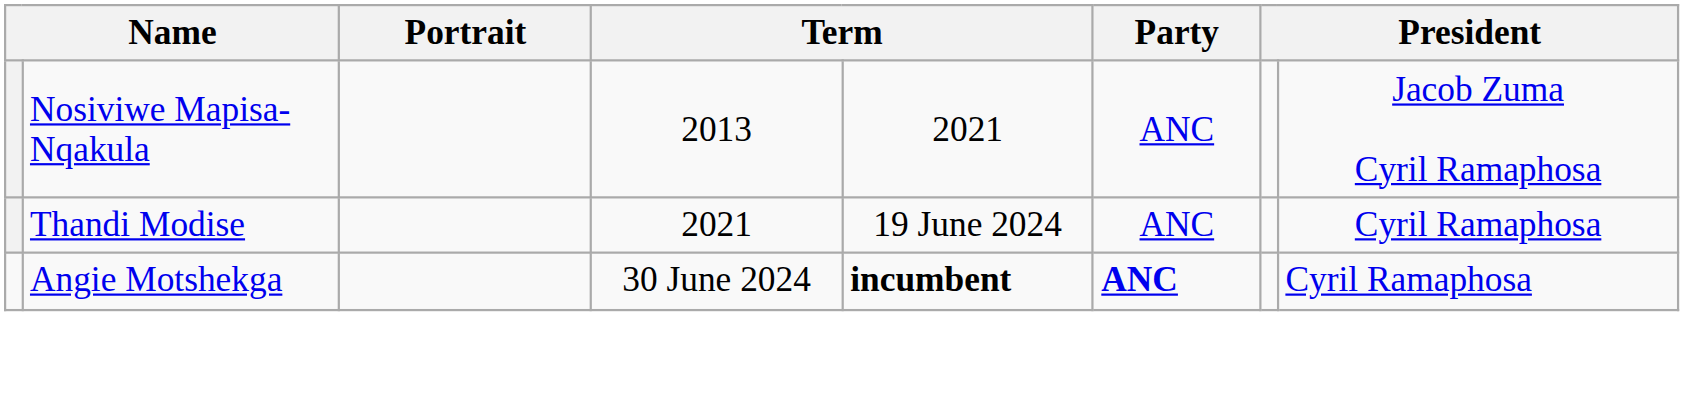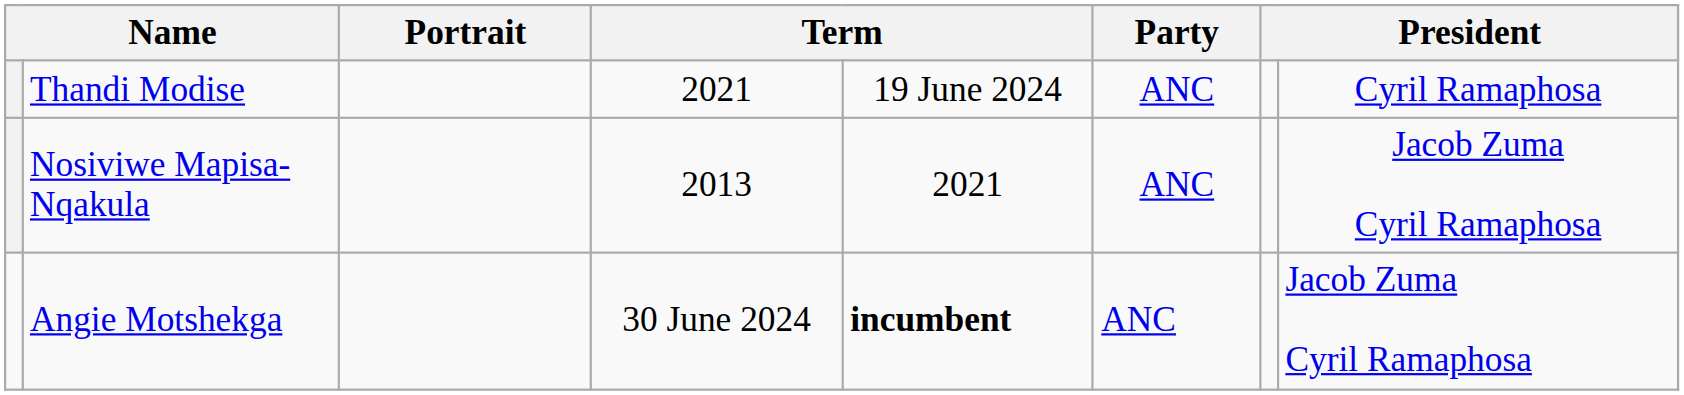 <table class="wikitable sortable" width="60%">
 <tr>
 <th colspan=2 width=20%>Name</th>
 <th width=75>Portrait</th>
 <th colspan=2 width=30%>Term</th>
 <th width=10%>Party</th>
 <th colspan=2 width=25%>President</th>
+</tr>
+<tr style="text-align:center">
+<th style="width:1%;background-color: "></th>
+<td align=left><a href='#'>Thandi Modise</a></td>
+<td align=center></td>
+<td>2021</td>
+<td>19 June  2024</td>
+<td><a href='#'>ANC</a></td>
+<td style="width:1%;background-color: "></td>
+<td><a href='#'>Cyril Ramaphosa</a><br> </td>
 </tr>
 <tr style="text-align:center">
 <th style="width:1%;background-color: "></th>
 <td align=left><a href='#'>Nosiviwe Mapisa-Nqakula</a></td>
 <td align=center></td>
 <td>2013</td>
 <td>2021</td>
 <td><a href='#'>ANC</a></td>
 <td style="width:1%;background-color: "></td>
 <td><a href='#'>Jacob Zuma</a><br> <br><a href='#'>Cyril Ramaphosa</a><br> </td>
 </tr>
-<tr style="text-align:center">
-<th style="width:1%;background-color: "></th>
-<td align=left><a href='#'>Thandi Modise</a></td>
-<td align=center></td>
-<td>2021</td>
-<td>19 June  2024</td>
-<td><a href='#'>ANC</a></td>
-<td style="width:1%;background-color: "></td>
-<td><a href='#'>Cyril Ramaphosa</a><br> </td>
-</tr>
 <tr>
 <td style="width:1%;background-color: "></td>
 <td><a href='#'>Angie Motshekga</a></td>
 <td align=center></td>
 <td align=center>30 June 2024</td>
 <td><strong>incumbent</strong></td>
-<td><strong><a href='#'>ANC</a></strong></td>
+<td><a href='#'>ANC</a></td>
 <td style="width:1%;background-color: "></td>
-<td><a href='#'>Cyril Ramaphosa</a><br> </td>
+<td><a href='#'>Jacob Zuma</a><br> <br><a href='#'>Cyril Ramaphosa</a><br> </td>
 </tr>
 </table>
